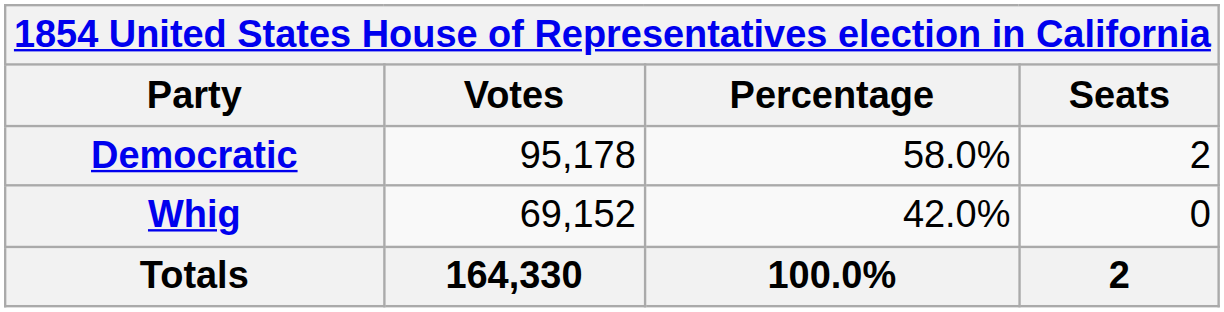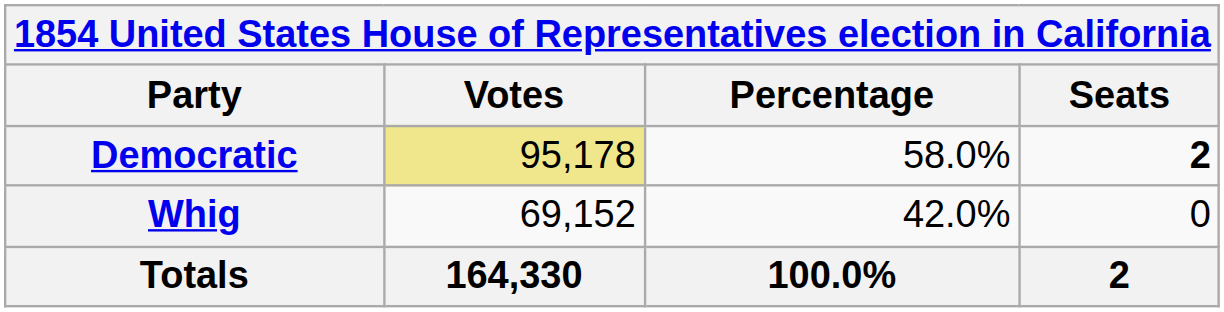 <table class=wikitable>
 <tr>
 <th colspan=6><a href='#'>1854 United States House of Representatives election in California</a></th>
 </tr>
 <tr>
 <th>Party</th>
 <th>Votes</th>
 <th>Percentage</th>
 <th>Seats</th>
 </tr>
 <tr>
 <th><a href='#'>Democratic</a></th>
-<td align=right>95,178</td>
+<td align=right style="background: khaki;">95,178</td>
 <td align=right>58.0%</td>
-<td align=right>2</td>
+<td align=right><strong>2</strong></td>
 </tr>
 <tr>
 <th><a href='#'>Whig</a></th>
 <td align=right>69,152</td>
 <td align=right>42.0%</td>
 <td align=right>0</td>
 </tr>
 <tr>
 <th>Totals</th>
 <th>164,330</th>
 <th>100.0%</th>
 <th>2</th>
 </tr>
 </table>
